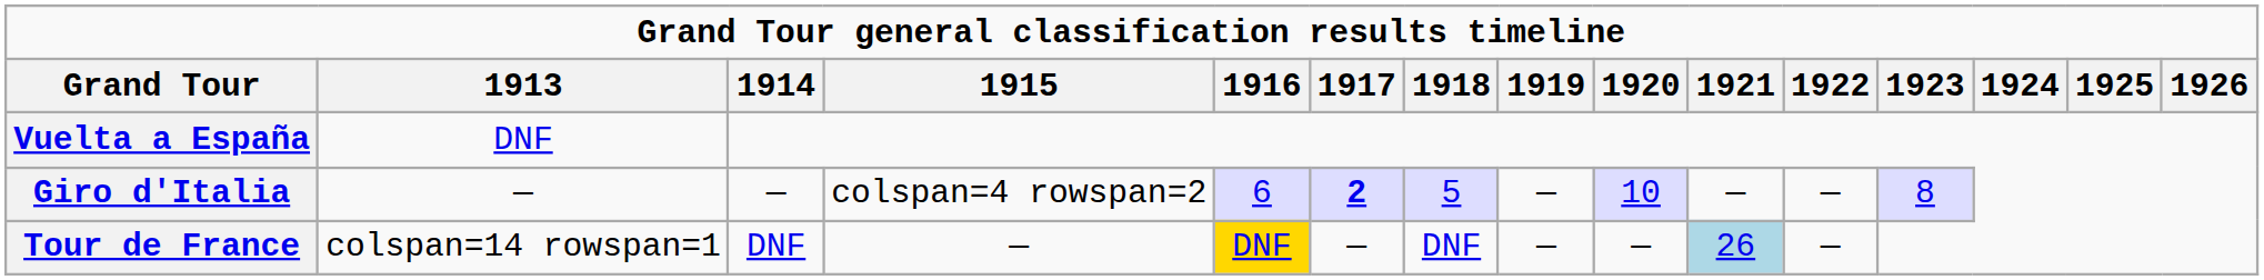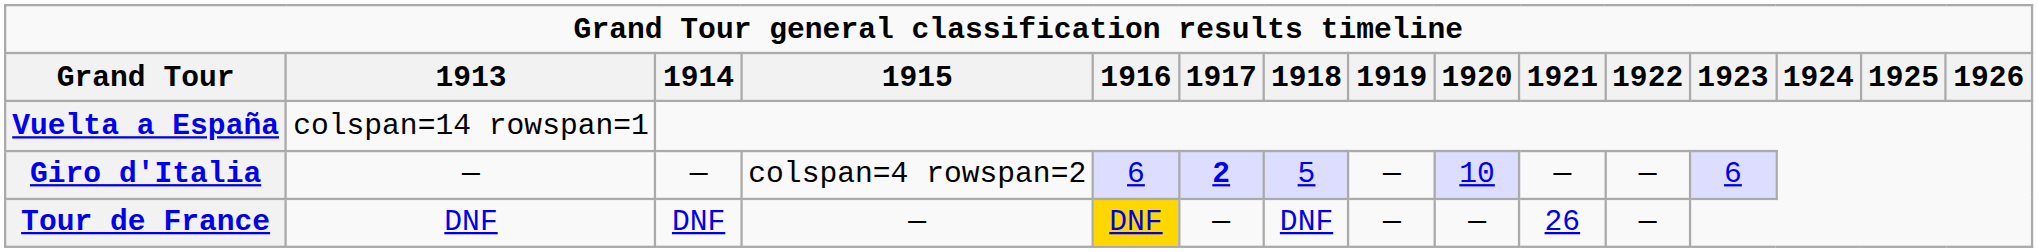 <table class="wikitable plainrowheaders">
 <tr>
 <td colspan=18 align="center"><strong>Grand Tour general classification results timeline</strong></td>
 </tr>
 <tr>
 <th scope="col">Grand Tour</th>
 <th scope="col">1913</th>
 <th scope="col">1914</th>
 <th scope="col">1915</th>
 <th scope="col">1916</th>
 <th scope="col">1917</th>
 <th scope="col">1918</th>
 <th scope="col">1919</th>
 <th scope="col">1920</th>
 <th scope="col">1921</th>
 <th scope="col">1922</th>
 <th scope="col">1923</th>
 <th scope="col">1924</th>
 <th scope="col">1925</th>
 <th scope="col">1926</th>
 </tr>
 <tr style="text-align:center;">
 <th scope="row"> <a href='#'>Vuelta a España</a></th>
-<td><a href='#'>DNF</a></td>
+<td>colspan=14 rowspan=1 </td>
 </tr>
 <tr style="text-align:center;">
 <th scope="row"> <a href='#'>Giro d'Italia</a></th>
 <td>—</td>
 <td>—</td>
 <td>colspan=4 rowspan=2 </td>
 <td style="background:#ddf;"><a href='#'>6</a></td>
 <td style="background:#ddf;"><a href='#'><strong>2</strong></a></td>
 <td style="background:#ddf;"><a href='#'>5</a></td>
 <td>—</td>
 <td style="background:#ddf;"><a href='#'>10</a></td>
 <td>—</td>
 <td>—</td>
-<td style="background:#ddf;"><a href='#'>8</a></td>
+<td style="background:#ddf;"><a href='#'>6</a></td>
 </tr>
 <tr style="text-align:center;">
 <th scope="row"> <a href='#'>Tour de France</a></th>
-<td>colspan=14 rowspan=1 </td>
+<td><a href='#'>DNF</a></td>
 <td><a href='#'>DNF</a></td>
 <td>—</td>
 <td style="background: gold;"><a href='#'>DNF</a></td>
 <td>—</td>
 <td><a href='#'>DNF</a></td>
 <td>—</td>
 <td>—</td>
-<td style="background: lightblue;"><a href='#'>26</a></td>
+<td><a href='#'>26</a></td>
 <td>—</td>
 </tr>
 </table>
